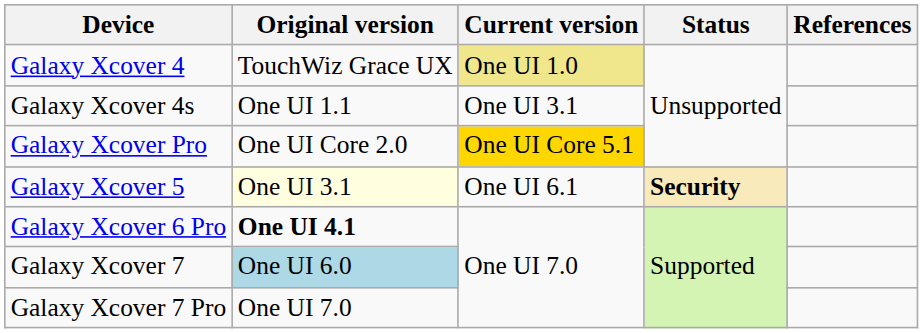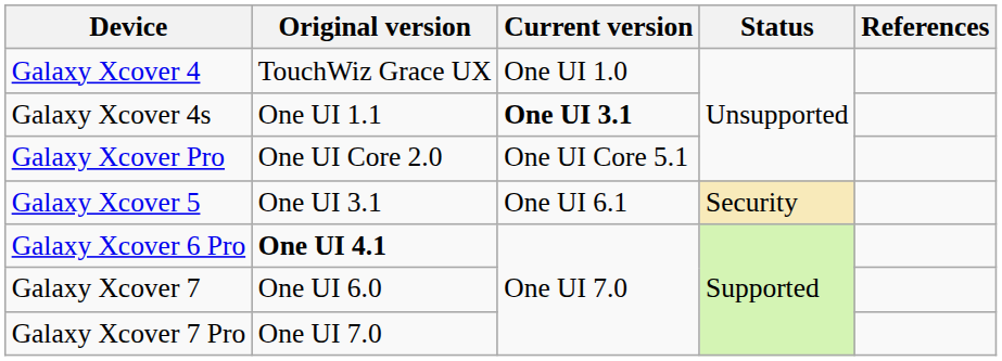 <table class="wikitable">
 <tr>
 <th>Device</th>
 <th>Original version</th>
 <th>Current version</th>
 <th>Status</th>
 <th>References</th>
 </tr>
 <tr>
 <td><a href='#'>Galaxy Xcover 4</a></td>
 <td>TouchWiz Grace UX</td>
-<td style="background: khaki;">One UI 1.0</td>
+<td>One UI 1.0</td>
 <td rowspan="3">Unsupported</td>
 <td></td>
 </tr>
 <tr>
 <td>Galaxy Xcover 4s</td>
 <td>One UI 1.1</td>
-<td>One UI 3.1</td>
+<td><strong>One UI 3.1</strong></td>
 <td></td>
 </tr>
 <tr>
 <td><a href='#'>Galaxy Xcover Pro</a></td>
 <td>One UI Core 2.0</td>
-<td style="background: gold;">One UI Core 5.1</td>
+<td>One UI Core 5.1</td>
 <td></td>
 </tr>
 <tr>
 <td><a href='#'>Galaxy Xcover 5</a></td>
-<td style="background: lightyellow;">One UI 3.1</td>
+<td>One UI 3.1</td>
 <td>One UI 6.1</td>
-<td rowspan="1" style="background: #f8eaba"><strong>Security</strong></td>
+<td rowspan="1" style="background: #f8eaba">Security</td>
 <td></td>
 </tr>
 <tr>
 <td><a href='#'>Galaxy Xcover 6 Pro</a></td>
 <td><strong>One UI 4.1</strong></td>
 <td rowspan="3">One UI 7.0</td>
 <td rowspan="3" style="background: #d4f4b4">Supported</td>
 <td></td>
 </tr>
 <tr>
 <td>Galaxy Xcover 7</td>
-<td style="background: lightblue;">One UI 6.0</td>
+<td>One UI 6.0</td>
 <td></td>
 </tr>
 <tr>
 <td>Galaxy Xcover 7 Pro</td>
 <td>One UI 7.0</td>
 <td></td>
 </tr>
 </table>
